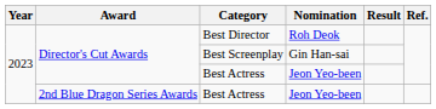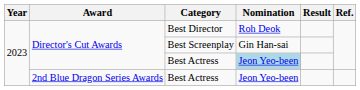 <table class="wikitable sortable">
 <tr>
 <th>Year</th>
 <th>Award</th>
 <th>Category</th>
 <th>Nomination</th>
 <th>Result</th>
 <th>Ref.</th>
 </tr>
 <tr>
 <td rowspan="4">2023</td>
 <td rowspan="3"><a href='#'>Director's Cut Awards</a></td>
 <td>Best Director</td>
 <td><a href='#'>Roh Deok</a></td>
 <td></td>
 <td rowspan="3" style="text-align:center"></td>
 </tr>
 <tr>
 <td>Best Screenplay</td>
 <td>Gin Han-sai</td>
 <td></td>
 </tr>
 <tr>
 <td>Best Actress</td>
-<td><a href='#'>Jeon Yeo-been</a></td>
+<td style="background: lightblue;"><a href='#'>Jeon Yeo-been</a></td>
 <td></td>
 </tr>
 <tr>
 <td><a href='#'>2nd Blue Dragon Series Awards</a></td>
 <td>Best Actress</td>
 <td><a href='#'>Jeon Yeo-been</a></td>
 <td></td>
 <td rowspan="1" style="text-align:center"></td>
 </tr>
 </table>
